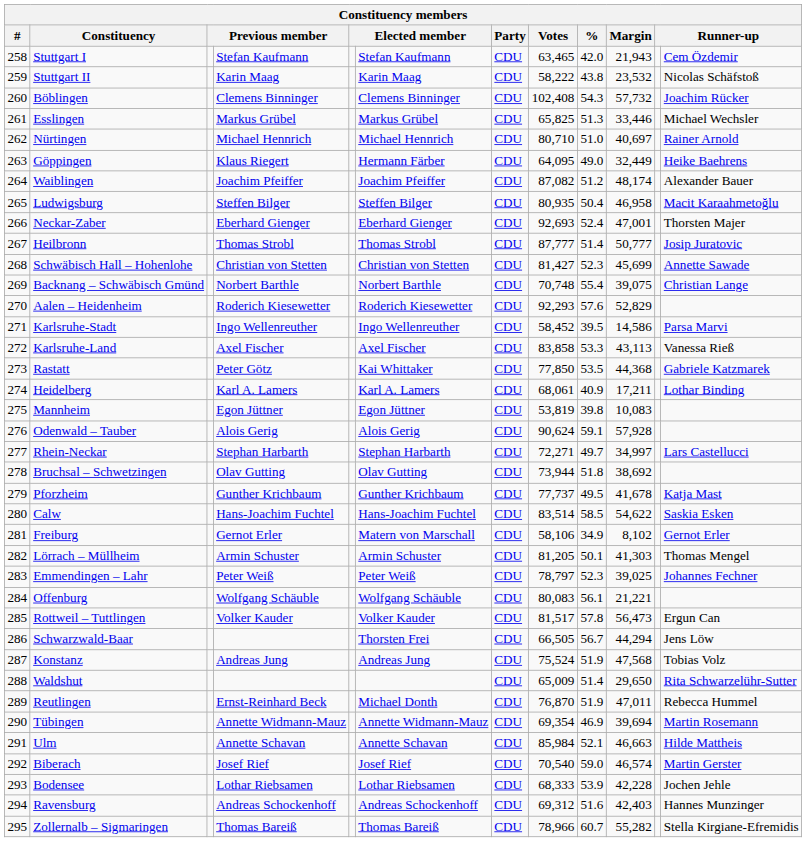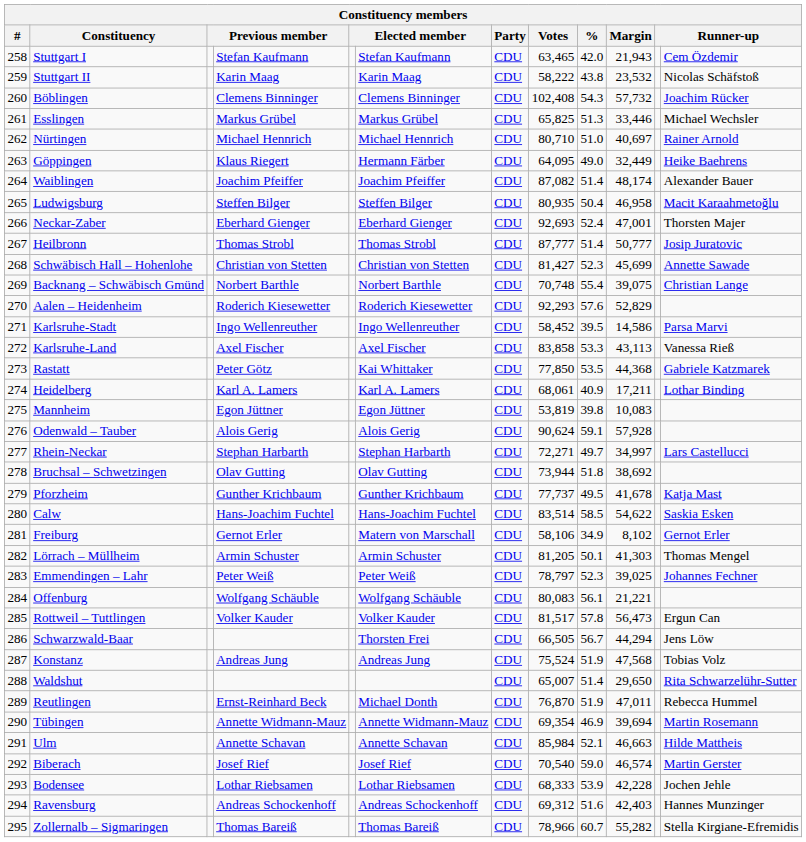 <table class="wikitable sortable" style="text-align:right">
 <tr>
 <th colspan="12">Constituency members</th>
 </tr>
 <tr>
 <th>#</th>
 <th>Constituency</th>
 <th colspan="2">Previous member</th>
 <th colspan="2">Elected member</th>
 <th>Party</th>
 <th>Votes</th>
 <th>%</th>
 <th>Margin</th>
 <th colspan="2">Runner-up</th>
 </tr>
 <tr>
 <td>258</td>
 <td align=left><a href='#'>Stuttgart I</a></td>
 <td bgcolor=></td>
 <td align=left><a href='#'>Stefan Kaufmann</a></td>
 <td bgcolor=></td>
 <td align=left><a href='#'>Stefan Kaufmann</a></td>
 <td align=left><a href='#'>CDU</a></td>
 <td>63,465</td>
 <td>42.0</td>
 <td>21,943</td>
 <td bgcolor=></td>
 <td align=left><a href='#'>Cem Özdemir</a></td>
 </tr>
 <tr>
 <td>259</td>
 <td align=left><a href='#'>Stuttgart II</a></td>
 <td bgcolor=></td>
 <td align=left><a href='#'>Karin Maag</a></td>
 <td bgcolor=></td>
 <td align=left><a href='#'>Karin Maag</a></td>
 <td align=left><a href='#'>CDU</a></td>
 <td>58,222</td>
 <td>43.8</td>
 <td>23,532</td>
 <td bgcolor=></td>
 <td align=left>Nicolas Schäfstoß</td>
 </tr>
 <tr>
 <td>260</td>
 <td align=left><a href='#'>Böblingen</a></td>
 <td bgcolor=></td>
 <td align=left><a href='#'>Clemens Binninger</a></td>
 <td bgcolor=></td>
 <td align=left><a href='#'>Clemens Binninger</a></td>
 <td align=left><a href='#'>CDU</a></td>
 <td>102,408</td>
 <td>54.3</td>
 <td>57,732</td>
 <td bgcolor=></td>
 <td align=left><a href='#'>Joachim Rücker</a></td>
 </tr>
 <tr>
 <td>261</td>
 <td align=left><a href='#'>Esslingen</a></td>
 <td bgcolor=></td>
 <td align=left><a href='#'>Markus Grübel</a></td>
 <td bgcolor=></td>
 <td align=left><a href='#'>Markus Grübel</a></td>
 <td align=left><a href='#'>CDU</a></td>
 <td>65,825</td>
 <td>51.3</td>
 <td>33,446</td>
 <td bgcolor=></td>
 <td align=left>Michael Wechsler</td>
 </tr>
 <tr>
 <td>262</td>
 <td align=left><a href='#'>Nürtingen</a></td>
 <td bgcolor=></td>
 <td align=left><a href='#'>Michael Hennrich</a></td>
 <td bgcolor=></td>
 <td align=left><a href='#'>Michael Hennrich</a></td>
 <td align=left><a href='#'>CDU</a></td>
 <td>80,710</td>
 <td>51.0</td>
 <td>40,697</td>
 <td bgcolor=></td>
 <td align=left><a href='#'>Rainer Arnold</a></td>
 </tr>
 <tr>
 <td>263</td>
 <td align=left><a href='#'>Göppingen</a></td>
 <td bgcolor=></td>
 <td align=left><a href='#'>Klaus Riegert</a></td>
 <td bgcolor=></td>
 <td align=left><a href='#'>Hermann Färber</a></td>
 <td align=left><a href='#'>CDU</a></td>
 <td>64,095</td>
 <td>49.0</td>
 <td>32,449</td>
 <td bgcolor=></td>
 <td align=left><a href='#'>Heike Baehrens</a></td>
 </tr>
 <tr>
 <td>264</td>
 <td align=left><a href='#'>Waiblingen</a></td>
 <td bgcolor=></td>
 <td align=left><a href='#'>Joachim Pfeiffer</a></td>
 <td bgcolor=></td>
 <td align=left><a href='#'>Joachim Pfeiffer</a></td>
 <td align=left><a href='#'>CDU</a></td>
 <td>87,082</td>
-<td>51.2</td>
+<td>51.4</td>
 <td>48,174</td>
 <td bgcolor=></td>
 <td align=left>Alexander Bauer</td>
 </tr>
 <tr>
 <td>265</td>
 <td align=left><a href='#'>Ludwigsburg</a></td>
 <td bgcolor=></td>
 <td align=left><a href='#'>Steffen Bilger</a></td>
 <td bgcolor=></td>
 <td align=left><a href='#'>Steffen Bilger</a></td>
 <td align=left><a href='#'>CDU</a></td>
 <td>80,935</td>
 <td>50.4</td>
 <td>46,958</td>
 <td bgcolor=></td>
 <td align=left><a href='#'>Macit Karaahmetoğlu</a></td>
 </tr>
 <tr>
 <td>266</td>
 <td align=left><a href='#'>Neckar-Zaber</a></td>
 <td bgcolor=></td>
 <td align=left><a href='#'>Eberhard Gienger</a></td>
 <td bgcolor=></td>
 <td align=left><a href='#'>Eberhard Gienger</a></td>
 <td align=left><a href='#'>CDU</a></td>
 <td>92,693</td>
 <td>52.4</td>
 <td>47,001</td>
 <td bgcolor=></td>
 <td align=left>Thorsten Majer</td>
 </tr>
 <tr>
 <td>267</td>
 <td align=left><a href='#'>Heilbronn</a></td>
 <td bgcolor=></td>
 <td align=left><a href='#'>Thomas Strobl</a></td>
 <td bgcolor=></td>
 <td align=left><a href='#'>Thomas Strobl</a></td>
 <td align=left><a href='#'>CDU</a></td>
 <td>87,777</td>
 <td>51.4</td>
 <td>50,777</td>
 <td bgcolor=></td>
 <td align=left><a href='#'>Josip Juratovic</a></td>
 </tr>
 <tr>
 <td>268</td>
 <td align=left><a href='#'>Schwäbisch Hall – Hohenlohe</a></td>
 <td bgcolor=></td>
 <td align=left><a href='#'>Christian von Stetten</a></td>
 <td bgcolor=></td>
 <td align=left><a href='#'>Christian von Stetten</a></td>
 <td align=left><a href='#'>CDU</a></td>
 <td>81,427</td>
 <td>52.3</td>
 <td>45,699</td>
 <td bgcolor=></td>
 <td align=left><a href='#'>Annette Sawade</a></td>
 </tr>
 <tr>
 <td>269</td>
 <td align=left><a href='#'>Backnang – Schwäbisch Gmünd</a></td>
 <td bgcolor=></td>
 <td align=left><a href='#'>Norbert Barthle</a></td>
 <td bgcolor=></td>
 <td align=left><a href='#'>Norbert Barthle</a></td>
 <td align=left><a href='#'>CDU</a></td>
 <td>70,748</td>
 <td>55.4</td>
 <td>39,075</td>
 <td bgcolor=></td>
 <td align=left><a href='#'>Christian Lange</a></td>
 </tr>
 <tr>
 <td>270</td>
 <td align=left><a href='#'>Aalen – Heidenheim</a></td>
 <td bgcolor=></td>
 <td align=left><a href='#'>Roderich Kiesewetter</a></td>
 <td bgcolor=></td>
 <td align=left><a href='#'>Roderich Kiesewetter</a></td>
 <td align=left><a href='#'>CDU</a></td>
 <td>92,293</td>
 <td>57.6</td>
 <td>52,829</td>
 <td bgcolor=></td>
 <td align=left></td>
 </tr>
 <tr>
 <td>271</td>
 <td align=left><a href='#'>Karlsruhe-Stadt</a></td>
 <td bgcolor=></td>
 <td align=left><a href='#'>Ingo Wellenreuther</a></td>
 <td bgcolor=></td>
 <td align=left><a href='#'>Ingo Wellenreuther</a></td>
 <td align=left><a href='#'>CDU</a></td>
 <td>58,452</td>
 <td>39.5</td>
 <td>14,586</td>
 <td bgcolor=></td>
 <td align=left><a href='#'>Parsa Marvi</a></td>
 </tr>
 <tr>
 <td>272</td>
 <td align=left><a href='#'>Karlsruhe-Land</a></td>
 <td bgcolor=></td>
 <td align=left><a href='#'>Axel Fischer</a></td>
 <td bgcolor=></td>
 <td align=left><a href='#'>Axel Fischer</a></td>
 <td align=left><a href='#'>CDU</a></td>
 <td>83,858</td>
 <td>53.3</td>
 <td>43,113</td>
 <td bgcolor=></td>
 <td align=left>Vanessa Rieß</td>
 </tr>
 <tr>
 <td>273</td>
 <td align=left><a href='#'>Rastatt</a></td>
 <td bgcolor=></td>
 <td align=left><a href='#'>Peter Götz</a></td>
 <td bgcolor=></td>
 <td align=left><a href='#'>Kai Whittaker</a></td>
 <td align=left><a href='#'>CDU</a></td>
 <td>77,850</td>
 <td>53.5</td>
 <td>44,368</td>
 <td bgcolor=></td>
 <td align=left><a href='#'>Gabriele Katzmarek</a></td>
 </tr>
 <tr>
 <td>274</td>
 <td align=left><a href='#'>Heidelberg</a></td>
 <td bgcolor=></td>
 <td align=left><a href='#'>Karl A. Lamers</a></td>
 <td bgcolor=></td>
 <td align=left><a href='#'>Karl A. Lamers</a></td>
 <td align=left><a href='#'>CDU</a></td>
 <td>68,061</td>
 <td>40.9</td>
 <td>17,211</td>
 <td bgcolor=></td>
 <td align=left><a href='#'>Lothar Binding</a></td>
 </tr>
 <tr>
 <td>275</td>
 <td align=left><a href='#'>Mannheim</a></td>
 <td bgcolor=></td>
 <td align=left><a href='#'>Egon Jüttner</a></td>
 <td></td>
 <td align=left><a href='#'>Egon Jüttner</a></td>
 <td align="left"><a href='#'>CDU</a></td>
 <td>53,819</td>
 <td>39.8</td>
 <td>10,083</td>
 <td bgcolor=></td>
 <td align=left></td>
 </tr>
 <tr>
 <td>276</td>
 <td align=left><a href='#'>Odenwald – Tauber</a></td>
 <td bgcolor=></td>
 <td align=left><a href='#'>Alois Gerig</a></td>
 <td bgcolor=></td>
 <td align=left><a href='#'>Alois Gerig</a></td>
 <td align=left><a href='#'>CDU</a></td>
 <td>90,624</td>
 <td>59.1</td>
 <td>57,928</td>
 <td bgcolor=></td>
 <td align=left></td>
 </tr>
 <tr>
 <td>277</td>
 <td align=left><a href='#'>Rhein-Neckar</a></td>
 <td bgcolor=></td>
 <td align=left><a href='#'>Stephan Harbarth</a></td>
 <td bgcolor=></td>
 <td align=left><a href='#'>Stephan Harbarth</a></td>
 <td align=left><a href='#'>CDU</a></td>
 <td>72,271</td>
 <td>49.7</td>
 <td>34,997</td>
 <td bgcolor=></td>
 <td align=left><a href='#'>Lars Castellucci</a></td>
 </tr>
 <tr>
 <td>278</td>
 <td align=left><a href='#'>Bruchsal – Schwetzingen</a></td>
 <td bgcolor=></td>
 <td align=left><a href='#'>Olav Gutting</a></td>
 <td bgcolor=></td>
 <td align=left><a href='#'>Olav Gutting</a></td>
 <td align=left><a href='#'>CDU</a></td>
 <td>73,944</td>
 <td>51.8</td>
 <td>38,692</td>
 <td bgcolor=></td>
 <td align=left></td>
 </tr>
 <tr>
 <td>279</td>
 <td align=left><a href='#'>Pforzheim</a></td>
 <td bgcolor=></td>
 <td align=left><a href='#'>Gunther Krichbaum</a></td>
 <td bgcolor=></td>
 <td align=left><a href='#'>Gunther Krichbaum</a></td>
 <td align=left><a href='#'>CDU</a></td>
 <td>77,737</td>
 <td>49.5</td>
 <td>41,678</td>
 <td bgcolor=></td>
 <td align=left><a href='#'>Katja Mast</a></td>
 </tr>
 <tr>
 <td>280</td>
 <td align=left><a href='#'>Calw</a></td>
 <td bgcolor=></td>
 <td align=left><a href='#'>Hans-Joachim Fuchtel</a></td>
 <td bgcolor=></td>
 <td align=left><a href='#'>Hans-Joachim Fuchtel</a></td>
 <td align=left><a href='#'>CDU</a></td>
 <td>83,514</td>
 <td>58.5</td>
 <td>54,622</td>
 <td bgcolor=></td>
 <td align=left><a href='#'>Saskia Esken</a></td>
 </tr>
 <tr>
 <td>281</td>
 <td align=left><a href='#'>Freiburg</a></td>
 <td bgcolor=></td>
 <td align=left><a href='#'>Gernot Erler</a></td>
 <td bgcolor=></td>
 <td align=left><a href='#'>Matern von Marschall</a></td>
 <td align=left><a href='#'>CDU</a></td>
 <td>58,106</td>
 <td>34.9</td>
 <td>8,102</td>
 <td bgcolor=></td>
 <td align=left><a href='#'>Gernot Erler</a></td>
 </tr>
 <tr>
 <td>282</td>
 <td align=left><a href='#'>Lörrach – Müllheim</a></td>
 <td bgcolor=></td>
 <td align=left><a href='#'>Armin Schuster</a></td>
 <td bgcolor=></td>
 <td align=left><a href='#'>Armin Schuster</a></td>
 <td align=left><a href='#'>CDU</a></td>
 <td>81,205</td>
 <td>50.1</td>
 <td>41,303</td>
 <td bgcolor=></td>
 <td align=left>Thomas Mengel</td>
 </tr>
 <tr>
 <td>283</td>
 <td align=left><a href='#'>Emmendingen – Lahr</a></td>
 <td bgcolor=></td>
 <td align=left><a href='#'>Peter Weiß</a></td>
 <td bgcolor=></td>
 <td align=left><a href='#'>Peter Weiß</a></td>
 <td align=left><a href='#'>CDU</a></td>
 <td>78,797</td>
 <td>52.3</td>
 <td>39,025</td>
 <td bgcolor=></td>
 <td align=left><a href='#'>Johannes Fechner</a></td>
 </tr>
 <tr>
 <td>284</td>
 <td align=left><a href='#'>Offenburg</a></td>
 <td bgcolor=></td>
 <td align=left><a href='#'>Wolfgang Schäuble</a></td>
 <td bgcolor=></td>
 <td align=left><a href='#'>Wolfgang Schäuble</a></td>
 <td align=left><a href='#'>CDU</a></td>
 <td>80,083</td>
 <td>56.1</td>
 <td>21,221</td>
 <td bgcolor=></td>
 <td align=left></td>
 </tr>
 <tr>
 <td>285</td>
 <td align=left><a href='#'>Rottweil – Tuttlingen</a></td>
 <td bgcolor=></td>
 <td align=left><a href='#'>Volker Kauder</a></td>
 <td bgcolor=></td>
 <td align=left><a href='#'>Volker Kauder</a></td>
 <td align=left><a href='#'>CDU</a></td>
 <td>81,517</td>
 <td>57.8</td>
 <td>56,473</td>
 <td bgcolor=></td>
 <td align=left>Ergun Can</td>
 </tr>
 <tr>
 <td>286</td>
 <td align=left><a href='#'>Schwarzwald-Baar</a></td>
 <td bgcolor=></td>
 <td align=left></td>
 <td></td>
 <td align=left><a href='#'>Thorsten Frei</a></td>
 <td align=left><a href='#'>CDU</a></td>
 <td>66,505</td>
 <td>56.7</td>
 <td>44,294</td>
 <td bgcolor=></td>
 <td align=left>Jens Löw</td>
 </tr>
 <tr>
 <td>287</td>
 <td align=left><a href='#'>Konstanz</a></td>
 <td bgcolor=></td>
 <td align=left><a href='#'>Andreas Jung</a></td>
 <td bgcolor=></td>
 <td align=left><a href='#'>Andreas Jung</a></td>
 <td align=left><a href='#'>CDU</a></td>
 <td>75,524</td>
 <td>51.9</td>
 <td>47,568</td>
 <td bgcolor=></td>
 <td align=left>Tobias Volz</td>
 </tr>
 <tr>
 <td>288</td>
 <td align=left><a href='#'>Waldshut</a></td>
 <td bgcolor=></td>
 <td align=left></td>
 <td></td>
 <td align=left></td>
 <td align="left"><a href='#'>CDU</a></td>
-<td>65,009</td>
+<td>65,007</td>
 <td>51.4</td>
 <td>29,650</td>
 <td bgcolor=></td>
 <td align=left><a href='#'>Rita Schwarzelühr-Sutter</a></td>
 </tr>
 <tr>
 <td>289</td>
 <td align=left><a href='#'>Reutlingen</a></td>
 <td bgcolor=></td>
 <td align=left><a href='#'>Ernst-Reinhard Beck</a></td>
 <td bgcolor=></td>
 <td align=left><a href='#'>Michael Donth</a></td>
 <td align=left><a href='#'>CDU</a></td>
 <td>76,870</td>
 <td>51.9</td>
 <td>47,011</td>
 <td bgcolor=></td>
 <td align=left>Rebecca Hummel</td>
 </tr>
 <tr>
 <td>290</td>
 <td align=left><a href='#'>Tübingen</a></td>
 <td bgcolor=></td>
 <td align=left><a href='#'>Annette Widmann-Mauz</a></td>
 <td bgcolor=></td>
 <td align=left><a href='#'>Annette Widmann-Mauz</a></td>
 <td align=left><a href='#'>CDU</a></td>
 <td>69,354</td>
 <td>46.9</td>
 <td>39,694</td>
 <td bgcolor=></td>
 <td align=left><a href='#'>Martin Rosemann</a></td>
 </tr>
 <tr>
 <td>291</td>
 <td align=left><a href='#'>Ulm</a></td>
 <td bgcolor=></td>
 <td align=left><a href='#'>Annette Schavan</a></td>
 <td bgcolor=></td>
 <td align=left><a href='#'>Annette Schavan</a></td>
 <td align=left><a href='#'>CDU</a></td>
 <td>85,984</td>
 <td>52.1</td>
 <td>46,663</td>
 <td bgcolor=></td>
 <td align=left><a href='#'>Hilde Mattheis</a></td>
 </tr>
 <tr>
 <td>292</td>
 <td align=left><a href='#'>Biberach</a></td>
 <td bgcolor=></td>
 <td align=left><a href='#'>Josef Rief</a></td>
 <td bgcolor=></td>
 <td align=left><a href='#'>Josef Rief</a></td>
 <td align=left><a href='#'>CDU</a></td>
 <td>70,540</td>
 <td>59.0</td>
 <td>46,574</td>
 <td bgcolor=></td>
 <td align=left><a href='#'>Martin Gerster</a></td>
 </tr>
 <tr>
 <td>293</td>
 <td align=left><a href='#'>Bodensee</a></td>
 <td bgcolor=></td>
 <td align=left><a href='#'>Lothar Riebsamen</a></td>
 <td bgcolor=></td>
 <td align=left><a href='#'>Lothar Riebsamen</a></td>
 <td align=left><a href='#'>CDU</a></td>
 <td>68,333</td>
 <td>53.9</td>
 <td>42,228</td>
 <td bgcolor=></td>
 <td align=left>Jochen Jehle</td>
 </tr>
 <tr>
 <td>294</td>
 <td align=left><a href='#'>Ravensburg</a></td>
 <td bgcolor=></td>
 <td align=left><a href='#'>Andreas Schockenhoff</a></td>
 <td bgcolor=></td>
 <td align=left><a href='#'>Andreas Schockenhoff</a></td>
 <td align=left><a href='#'>CDU</a></td>
 <td>69,312</td>
 <td>51.6</td>
 <td>42,403</td>
 <td bgcolor=></td>
 <td align=left>Hannes Munzinger</td>
 </tr>
 <tr>
 <td>295</td>
 <td align=left><a href='#'>Zollernalb – Sigmaringen</a></td>
 <td bgcolor=></td>
 <td align=left><a href='#'>Thomas Bareiß</a></td>
 <td bgcolor=></td>
 <td align=left><a href='#'>Thomas Bareiß</a></td>
 <td align=left><a href='#'>CDU</a></td>
 <td>78,966</td>
 <td>60.7</td>
 <td>55,282</td>
 <td bgcolor=></td>
 <td align=left>Stella Kirgiane-Efremidis</td>
 </tr>
 </table>
